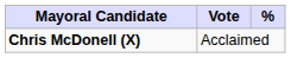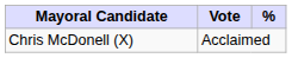 <table class="wikitable">
 <tr>
 <th style="background:#ddf; width:200px;">Mayoral Candidate</th>
 <th style="background:#ddf; width:50px;">Vote</th>
 <th style="background:#ddf; width:30px;">%</th>
 </tr>
 <tr>
-<td><strong>Chris McDonell (X)</strong></td>
+<td>Chris McDonell (X)</td>
 <td colspan="2">Acclaimed</td>
 </tr>
 </table>
